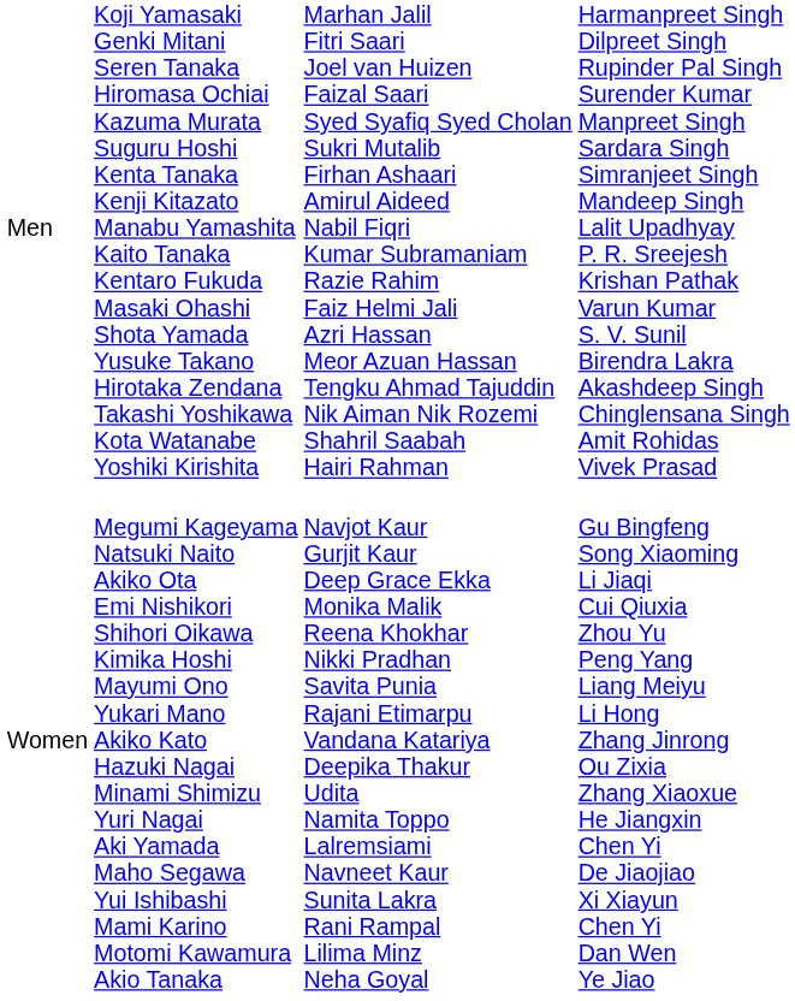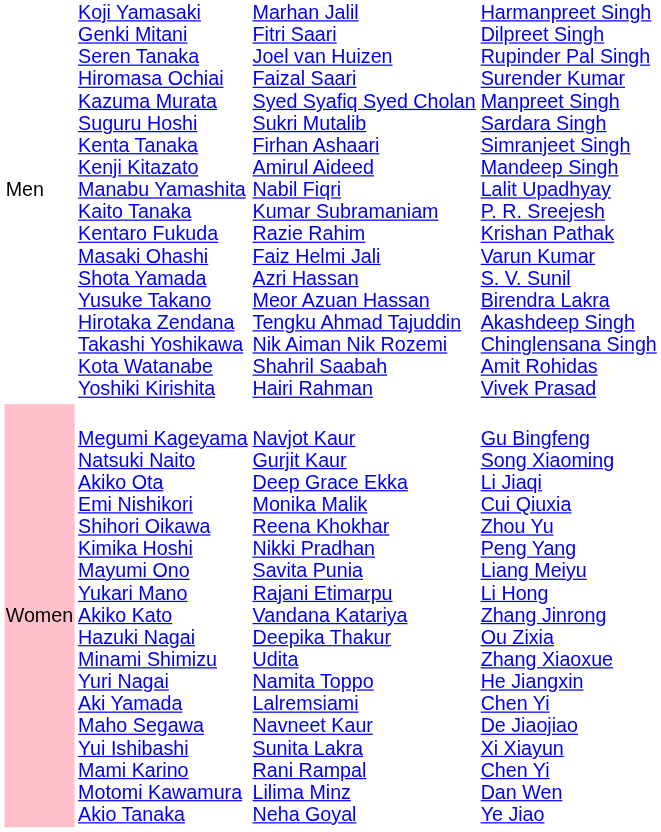 <table>
 <tr>
 <td>Men<br></td>
 <td nowrap=true><br><a href='#'>Koji Yamasaki</a><br><a href='#'>Genki Mitani</a><br><a href='#'>Seren Tanaka</a><br><a href='#'>Hiromasa Ochiai</a><br><a href='#'>Kazuma Murata</a><br><a href='#'>Suguru Hoshi</a><br><a href='#'>Kenta Tanaka</a><br><a href='#'>Kenji Kitazato</a><br><a href='#'>Manabu Yamashita</a><br><a href='#'>Kaito Tanaka</a><br><a href='#'>Kentaro Fukuda</a><br><a href='#'>Masaki Ohashi</a><br><a href='#'>Shota Yamada</a><br><a href='#'>Yusuke Takano</a><br><a href='#'>Hirotaka Zendana</a><br><a href='#'>Takashi Yoshikawa</a><br><a href='#'>Kota Watanabe</a><br><a href='#'>Yoshiki Kirishita</a></td>
 <td nowrap=true><br><a href='#'>Marhan Jalil</a><br><a href='#'>Fitri Saari</a><br><a href='#'>Joel van Huizen</a><br><a href='#'>Faizal Saari</a><br><a href='#'>Syed Syafiq Syed Cholan</a><br><a href='#'>Sukri Mutalib</a><br><a href='#'>Firhan Ashaari</a><br><a href='#'>Amirul Aideed</a><br><a href='#'>Nabil Fiqri</a><br><a href='#'>Kumar Subramaniam</a><br><a href='#'>Razie Rahim</a><br><a href='#'>Faiz Helmi Jali</a><br><a href='#'>Azri Hassan</a><br><a href='#'>Meor Azuan Hassan</a><br><a href='#'>Tengku Ahmad Tajuddin</a><br><a href='#'>Nik Aiman Nik Rozemi</a><br><a href='#'>Shahril Saabah</a><br><a href='#'>Hairi Rahman</a></td>
 <td nowrap=true><br><a href='#'>Harmanpreet Singh</a> <br><a href='#'>Dilpreet Singh</a><br><a href='#'>Rupinder Pal Singh</a><br><a href='#'>Surender Kumar</a><br><a href='#'>Manpreet Singh</a><br><a href='#'>Sardara Singh</a><br><a href='#'>Simranjeet Singh</a><br><a href='#'>Mandeep Singh</a><br><a href='#'>Lalit Upadhyay</a><br><a href='#'>P. R. Sreejesh</a><br><a href='#'>Krishan Pathak</a><br><a href='#'>Varun Kumar</a><br><a href='#'>S. V. Sunil</a><br><a href='#'>Birendra Lakra</a><br><a href='#'>Akashdeep Singh</a><br><a href='#'>Chinglensana Singh</a><br><a href='#'>Amit Rohidas</a><br><a href='#'>Vivek Prasad</a></td>
 </tr>
 <tr>
-<td>Women<br></td>
+<td style="background: pink;">Women<br></td>
 <td nowrap=true><br><a href='#'>Megumi Kageyama</a><br><a href='#'>Natsuki Naito</a><br><a href='#'>Akiko Ota</a><br><a href='#'>Emi Nishikori</a><br><a href='#'>Shihori Oikawa</a><br><a href='#'>Kimika Hoshi</a><br><a href='#'>Mayumi Ono</a><br><a href='#'>Yukari Mano</a><br><a href='#'>Akiko Kato</a><br><a href='#'>Hazuki Nagai</a><br><a href='#'>Minami Shimizu</a><br><a href='#'>Yuri Nagai</a><br><a href='#'>Aki Yamada</a><br><a href='#'>Maho Segawa</a><br><a href='#'>Yui Ishibashi</a><br><a href='#'>Mami Karino</a><br><a href='#'>Motomi Kawamura</a><br><a href='#'>Akio Tanaka</a></td>
 <td><br><a href='#'>Navjot Kaur</a><br><a href='#'>Gurjit Kaur</a><br><a href='#'>Deep Grace Ekka</a><br><a href='#'>Monika Malik</a><br><a href='#'>Reena Khokhar</a><br><a href='#'>Nikki Pradhan</a><br><a href='#'>Savita Punia</a><br><a href='#'>Rajani Etimarpu</a><br><a href='#'>Vandana Katariya</a><br><a href='#'>Deepika Thakur</a><br><a href='#'>Udita</a><br><a href='#'>Namita Toppo</a><br><a href='#'>Lalremsiami</a><br><a href='#'>Navneet Kaur</a><br><a href='#'>Sunita Lakra</a><br><a href='#'>Rani Rampal</a><br><a href='#'>Lilima Minz</a><br><a href='#'>Neha Goyal</a></td>
 <td><br><a href='#'>Gu Bingfeng</a><br><a href='#'>Song Xiaoming</a><br><a href='#'>Li Jiaqi</a><br><a href='#'>Cui Qiuxia</a><br><a href='#'>Zhou Yu</a><br><a href='#'>Peng Yang</a><br><a href='#'>Liang Meiyu</a><br><a href='#'>Li Hong</a><br><a href='#'>Zhang Jinrong</a><br><a href='#'>Ou Zixia</a><br><a href='#'>Zhang Xiaoxue</a><br><a href='#'>He Jiangxin</a><br><a href='#'>Chen Yi</a><br><a href='#'>De Jiaojiao</a><br><a href='#'>Xi Xiayun</a><br><a href='#'>Chen Yi</a><br><a href='#'>Dan Wen</a><br><a href='#'>Ye Jiao</a></td>
 </tr>
 </table>
